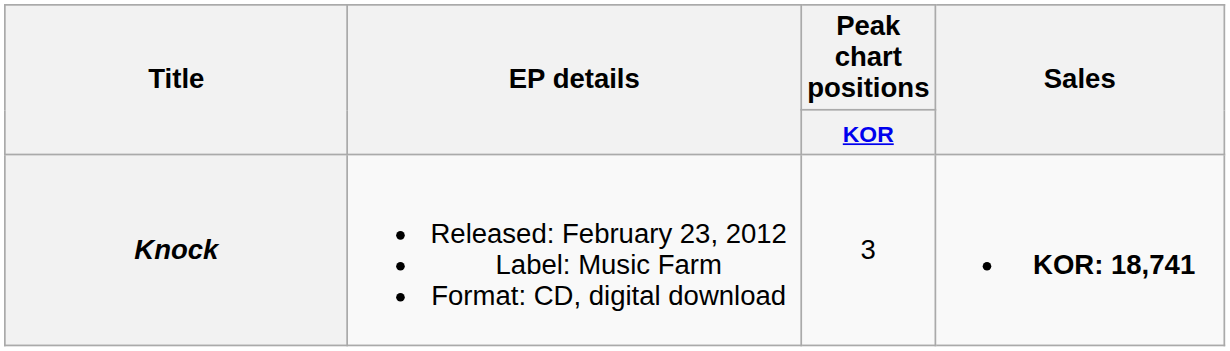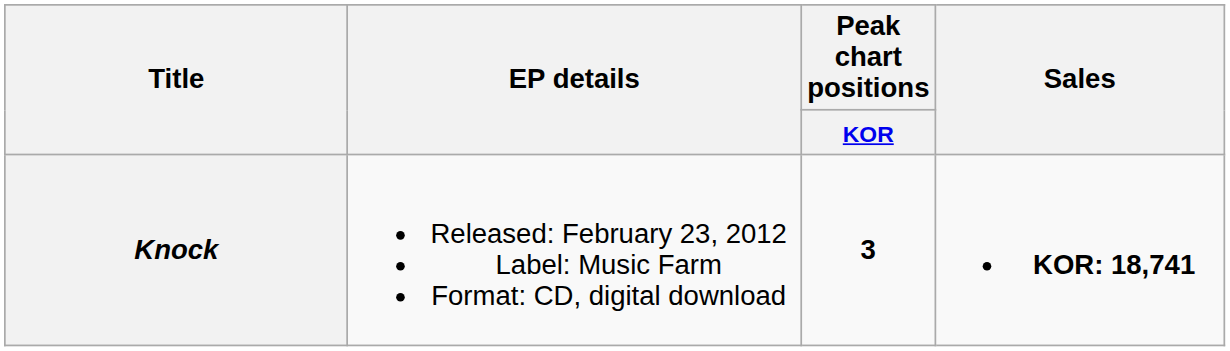 <table class="wikitable plainrowheaders" style="text-align:center;">
 <tr>
 <th scope="col" rowspan="2" style="width:12em;">Title</th>
 <th scope="col" rowspan="2" style="width:16em;">EP details</th>
 <th scope="col" colspan="1">Peak chart positions</th>
 <th scope="col" rowspan="2" style="width:10em;">Sales</th>
 </tr>
 <tr>
 <th scope="col" width="30"><small><a href='#'>KOR</a></small><br></th>
 </tr>
 <tr>
 <th scope="row"><em>Knock</em></th>
 <td><br><ul><li>Released: February 23, 2012</li><li>Label: Music Farm</li><li>Format: CD, digital download</li></ul></td>
-<td>3</td>
+<td><strong>3</strong></td>
 <td><strong><br><ul><li>KOR: 18,741</li></ul></strong></td>
 </tr>
 </table>
